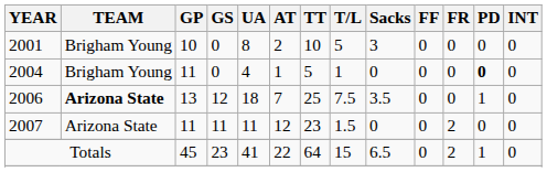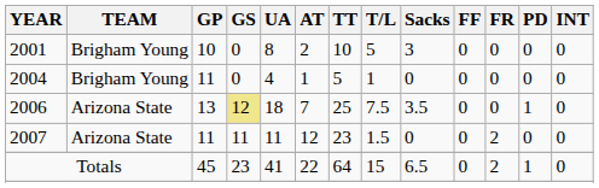 <table class="wikitable">
 <tr>
 <th>YEAR</th>
 <th>TEAM</th>
 <th>GP</th>
 <th>GS</th>
 <th>UA</th>
 <th>AT</th>
 <th>TT</th>
 <th>T/L</th>
 <th>Sacks</th>
 <th>FF</th>
 <th>FR</th>
 <th>PD</th>
 <th>INT</th>
 </tr>
 <tr>
 <td>2001</td>
 <td>Brigham Young</td>
 <td>10</td>
 <td>0</td>
 <td>8</td>
 <td>2</td>
 <td>10</td>
 <td>5</td>
 <td>3</td>
 <td>0</td>
 <td>0</td>
 <td>0</td>
 <td>0</td>
 </tr>
 <tr>
 <td>2004</td>
 <td>Brigham Young</td>
 <td>11</td>
 <td>0</td>
 <td>4</td>
 <td>1</td>
 <td>5</td>
 <td>1</td>
 <td>0</td>
 <td>0</td>
 <td>0</td>
-<td><strong>0</strong></td>
+<td>0</td>
 <td>0</td>
 </tr>
 <tr>
 <td>2006</td>
-<td><strong>Arizona State</strong></td>
+<td>Arizona State</td>
 <td>13</td>
-<td>12</td>
+<td style="background: khaki;">12</td>
 <td>18</td>
 <td>7</td>
 <td>25</td>
 <td>7.5</td>
 <td>3.5</td>
 <td>0</td>
 <td>0</td>
 <td>1</td>
 <td>0</td>
 </tr>
 <tr>
 <td>2007</td>
 <td>Arizona State</td>
 <td>11</td>
 <td>11</td>
 <td>11</td>
 <td>12</td>
 <td>23</td>
 <td>1.5</td>
 <td>0</td>
 <td>0</td>
 <td>2</td>
 <td>0</td>
 <td>0</td>
 </tr>
 <tr>
 </tr>
 <tr>
 <td colspan="2" align="center">Totals</td>
 <td>45</td>
 <td>23</td>
 <td>41</td>
 <td>22</td>
 <td>64</td>
 <td>15</td>
 <td>6.5</td>
 <td>0</td>
 <td>2</td>
 <td>1</td>
 <td>0</td>
 </tr>
 <tr>
 </tr>
 <tr>
 </tr>
 </table>
